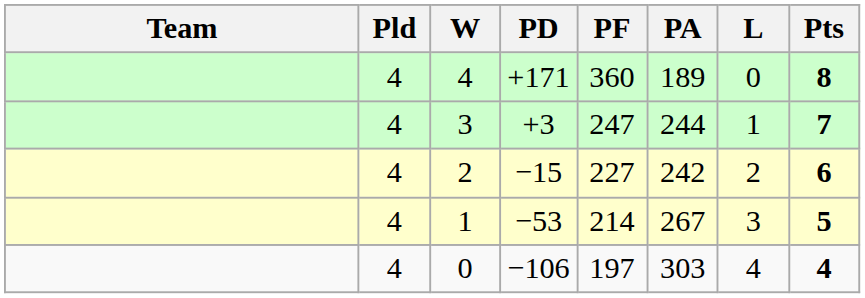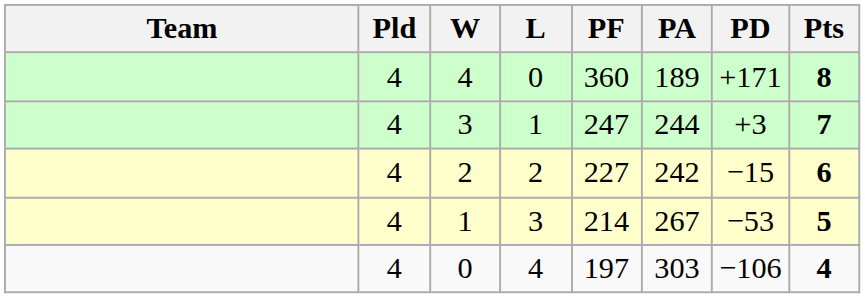 <table class=wikitable style="text-align:center">
 <tr>
 <th width=180>Team</th>
 <th width=30>Pld</th>
 <th width=30>W</th>
-<th width=30>PD</th>
+<th width=30>L</th>
 <th width=30>PF</th>
 <th width=30>PA</th>
-<th width=30>L</th>
+<th width=30>PD</th>
 <th width=30>Pts</th>
 </tr>
 <tr bgcolor="#ccffcc">
 <td align="left"></td>
 <td>4</td>
 <td>4</td>
-<td>+171</td>
+<td>0</td>
 <td>360</td>
 <td>189</td>
-<td>0</td>
+<td>+171</td>
 <td><strong>8</strong></td>
 </tr>
 <tr bgcolor="#ccffcc">
 <td align="left"></td>
 <td>4</td>
 <td>3</td>
-<td>+3</td>
+<td>1</td>
 <td>247</td>
 <td>244</td>
-<td>1</td>
+<td>+3</td>
 <td><strong>7</strong></td>
 </tr>
 <tr bgcolor="ffffcc">
 <td align="left"></td>
 <td>4</td>
 <td>2</td>
-<td>−15</td>
+<td>2</td>
 <td>227</td>
 <td>242</td>
-<td>2</td>
+<td>−15</td>
 <td><strong>6</strong></td>
 </tr>
 <tr bgcolor="ffffcc">
 <td align="left"></td>
 <td>4</td>
 <td>1</td>
-<td>−53</td>
+<td>3</td>
 <td>214</td>
 <td>267</td>
-<td>3</td>
+<td>−53</td>
 <td><strong>5</strong></td>
 </tr>
 <tr>
 <td align="left"></td>
 <td>4</td>
 <td>0</td>
-<td>−106</td>
+<td>4</td>
 <td>197</td>
 <td>303</td>
-<td>4</td>
+<td>−106</td>
 <td><strong>4</strong></td>
 </tr>
 </table>
